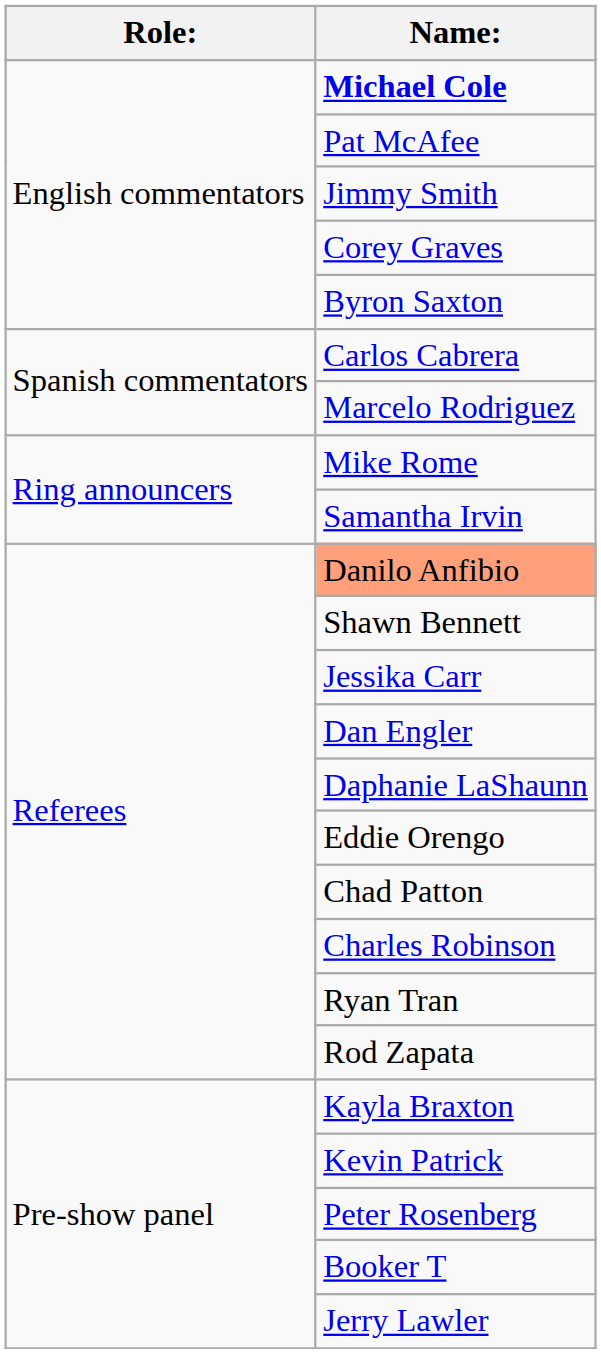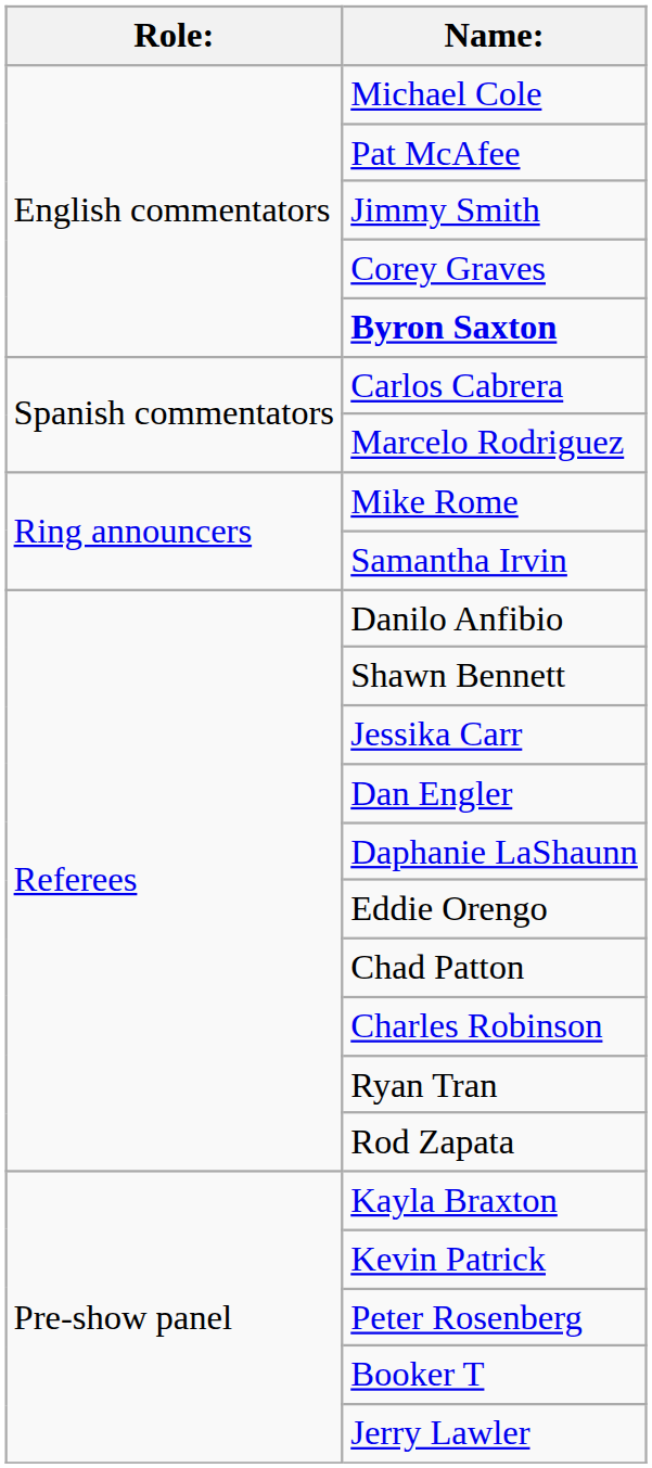 <table class=wikitable style="font-size:90%; margin: 0.5em 0 0.5em 1em; float: right; clear: right;">
 <tr>
 <th>Role:</th>
 <th>Name:</th>
 </tr>
 <tr>
 <td rowspan=5>English commentators</td>
-<td><strong><a href='#'>Michael Cole</a> </strong></td>
+<td><a href='#'>Michael Cole</a> </td>
 </tr>
 <tr>
 <td><a href='#'>Pat McAfee</a> </td>
 </tr>
 <tr>
 <td><a href='#'>Jimmy Smith</a> </td>
 </tr>
 <tr>
 <td><a href='#'>Corey Graves</a> </td>
 </tr>
 <tr>
-<td><a href='#'>Byron Saxton</a> </td>
+<td><strong><a href='#'>Byron Saxton</a> </strong></td>
 </tr>
 <tr>
 <td rowspan=2>Spanish commentators</td>
 <td><a href='#'>Carlos Cabrera</a></td>
 </tr>
 <tr>
 <td><a href='#'>Marcelo Rodriguez</a></td>
 </tr>
 <tr>
 <td rowspan=2><a href='#'>Ring announcers</a></td>
 <td><a href='#'>Mike Rome</a> </td>
 </tr>
 <tr>
 <td><a href='#'>Samantha Irvin</a> </td>
 </tr>
 <tr>
 <td rowspan=10><a href='#'>Referees</a></td>
-<td style="background: lightsalmon;">Danilo Anfibio</td>
+<td>Danilo Anfibio</td>
 </tr>
 <tr>
 <td>Shawn Bennett</td>
 </tr>
 <tr>
 <td><a href='#'>Jessika Carr</a></td>
 </tr>
 <tr>
 <td><a href='#'>Dan Engler</a></td>
 </tr>
 <tr>
 <td><a href='#'>Daphanie LaShaunn</a></td>
 </tr>
 <tr>
 <td>Eddie Orengo</td>
 </tr>
 <tr>
 <td>Chad Patton</td>
 </tr>
 <tr>
 <td><a href='#'>Charles Robinson</a></td>
 </tr>
 <tr>
 <td>Ryan Tran</td>
 </tr>
 <tr>
 <td>Rod Zapata</td>
 </tr>
 <tr>
 <td rowspan="6">Pre-show panel</td>
 <td><a href='#'>Kayla Braxton</a></td>
 </tr>
 <tr>
 <td><a href='#'>Kevin Patrick</a></td>
 </tr>
 <tr>
 <td><a href='#'>Peter Rosenberg</a></td>
 </tr>
 <tr>
 <td><a href='#'>Booker T</a></td>
 </tr>
 <tr>
 <td><a href='#'>Jerry Lawler</a></td>
 </tr>
 </table>
